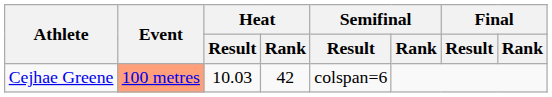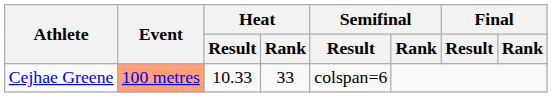 <table class="wikitable" style="font-size:90%">
 <tr>
 <th rowspan="2">Athlete</th>
 <th rowspan="2">Event</th>
 <th colspan="2">Heat</th>
 <th colspan="2">Semifinal</th>
 <th colspan="2">Final</th>
 </tr>
 <tr>
 <th>Result</th>
 <th>Rank</th>
 <th>Result</th>
 <th>Rank</th>
 <th>Result</th>
 <th>Rank</th>
 </tr>
 <tr style="text-align:center">
 <td style="text-align:left"><a href='#'>Cejhae Greene</a></td>
 <td style="background: lightsalmon; text-align:left"><a href='#'>100 metres</a></td>
-<td>10.03</td>
-<td>42</td>
+<td>10.33</td>
+<td>33</td>
 <td>colspan=6 </td>
 </tr>
 </table>
